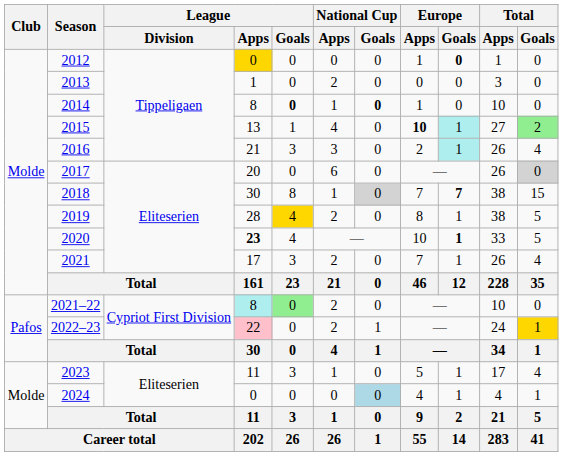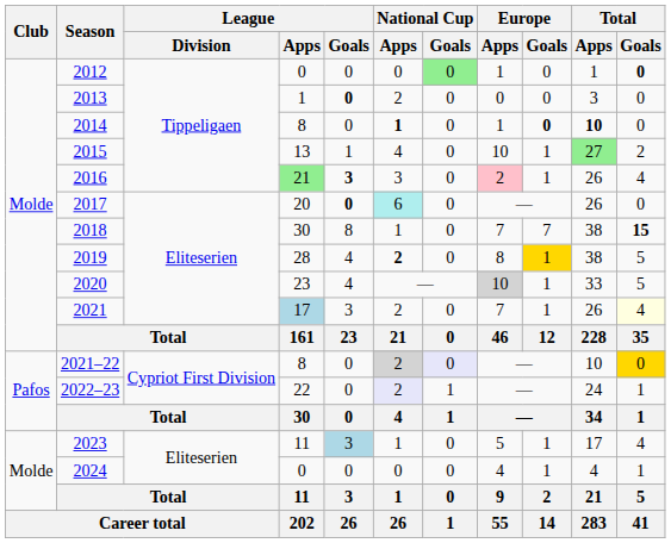 <table class="wikitable" style="text-align: center;">
 <tr>
 <th rowspan="2">Club</th>
 <th rowspan="2">Season</th>
 <th colspan="3">League</th>
 <th colspan="2">National Cup</th>
 <th colspan="2">Europe</th>
 <th colspan="2">Total</th>
 </tr>
 <tr>
 <th>Division</th>
 <th>Apps</th>
 <th>Goals</th>
 <th>Apps</th>
 <th>Goals</th>
 <th>Apps</th>
 <th>Goals</th>
 <th>Apps</th>
 <th>Goals</th>
 </tr>
 <tr>
 <td rowspan="11"><a href='#'>Molde</a></td>
 <td><a href='#'>2012</a></td>
 <td rowspan="5"><a href='#'>Tippeligaen</a></td>
-<td style="background: gold;">0</td>
 <td>0</td>
 <td>0</td>
 <td>0</td>
+<td style="background: lightgreen;">0</td>
+<td>1</td>
+<td>0</td>
 <td>1</td>
 <td><strong>0</strong></td>
-<td>1</td>
-<td>0</td>
 </tr>
 <tr>
 <td><a href='#'>2013</a></td>
 <td>1</td>
-<td>0</td>
+<td><strong>0</strong></td>
 <td>2</td>
 <td>0</td>
 <td>0</td>
 <td>0</td>
 <td>3</td>
 <td>0</td>
 </tr>
 <tr>
 <td><a href='#'>2014</a></td>
 <td>8</td>
-<td><strong>0</strong></td>
+<td>0</td>
+<td><strong>1</strong></td>
+<td>0</td>
 <td>1</td>
 <td><strong>0</strong></td>
-<td>1</td>
-<td>0</td>
-<td>10</td>
+<td><strong>10</strong></td>
 <td>0</td>
 </tr>
 <tr>
 <td><a href='#'>2015</a></td>
 <td>13</td>
 <td>1</td>
 <td>4</td>
 <td>0</td>
-<td><strong>10</strong></td>
-<td style="background: paleturquoise;">1</td>
-<td>27</td>
-<td style="background: lightgreen;">2</td>
+<td>10</td>
+<td>1</td>
+<td style="background: lightgreen;">27</td>
+<td>2</td>
 </tr>
 <tr>
 <td><a href='#'>2016</a></td>
-<td>21</td>
-<td>3</td>
+<td style="background: lightgreen;">21</td>
+<td><strong>3</strong></td>
 <td>3</td>
 <td>0</td>
-<td>2</td>
-<td style="background: paleturquoise;">1</td>
+<td style="background: pink;">2</td>
+<td>1</td>
 <td>26</td>
 <td>4</td>
 </tr>
 <tr>
 <td><a href='#'>2017</a></td>
 <td rowspan="5"><a href='#'>Eliteserien</a></td>
 <td>20</td>
-<td>0</td>
-<td>6</td>
+<td><strong>0</strong></td>
+<td style="background: paleturquoise;">6</td>
 <td>0</td>
 <td colspan="2">—</td>
 <td>26</td>
-<td style="background: lightgrey;">0</td>
+<td>0</td>
 </tr>
 <tr>
 <td><a href='#'>2018</a></td>
 <td>30</td>
 <td>8</td>
 <td>1</td>
-<td style="background: lightgrey;">0</td>
+<td>0</td>
 <td>7</td>
-<td><strong>7</strong></td>
+<td>7</td>
 <td>38</td>
-<td>15</td>
+<td><strong>15</strong></td>
 </tr>
 <tr>
 <td><a href='#'>2019</a></td>
 <td>28</td>
-<td style="background: gold;">4</td>
-<td>2</td>
+<td>4</td>
+<td><strong>2</strong></td>
 <td>0</td>
 <td>8</td>
-<td>1</td>
+<td style="background: gold;">1</td>
 <td>38</td>
 <td>5</td>
 </tr>
 <tr>
 <td><a href='#'>2020</a></td>
-<td><strong>23</strong></td>
+<td>23</td>
 <td>4</td>
 <td colspan="2">—</td>
-<td>10</td>
-<td><strong>1</strong></td>
+<td style="background: lightgrey;">10</td>
+<td>1</td>
 <td>33</td>
 <td>5</td>
 </tr>
 <tr>
 <td><a href='#'>2021</a></td>
-<td>17</td>
+<td style="background: lightblue;">17</td>
 <td>3</td>
 <td>2</td>
 <td>0</td>
 <td>7</td>
 <td>1</td>
 <td>26</td>
-<td>4</td>
+<td style="background: lightyellow;">4</td>
 </tr>
 <tr>
 <th colspan="2">Total</th>
 <th>161</th>
 <th>23</th>
 <th>21</th>
 <th>0</th>
 <th>46</th>
 <th>12</th>
 <th>228</th>
 <th>35</th>
 </tr>
 <tr>
 <td rowspan="3"><a href='#'>Pafos</a></td>
 <td><a href='#'>2021–22</a></td>
 <td rowspan="2"><a href='#'>Cypriot First Division</a></td>
-<td style="background: paleturquoise;">8</td>
-<td style="background: lightgreen;">0</td>
-<td>2</td>
+<td>8</td>
 <td>0</td>
+<td style="background: lightgrey;">2</td>
+<td style="background: lavender;">0</td>
 <td colspan="2">—</td>
 <td>10</td>
-<td>0</td>
+<td style="background: gold;">0</td>
 </tr>
 <tr>
 <td><a href='#'>2022–23</a></td>
-<td style="background: pink;">22</td>
+<td>22</td>
 <td>0</td>
-<td>2</td>
+<td style="background: lavender;">2</td>
 <td>1</td>
 <td colspan="2">—</td>
 <td>24</td>
-<td style="background: gold;">1</td>
+<td>1</td>
 </tr>
 <tr>
 <th colspan="2">Total</th>
 <th>30</th>
 <th>0</th>
 <th>4</th>
 <th>1</th>
 <th colspan="2">—</th>
 <th>34</th>
 <th>1</th>
 </tr>
 <tr>
 <td rowspan="3">Molde</td>
 <td><a href='#'>2023</a></td>
 <td rowspan="2">Eliteserien</td>
 <td>11</td>
-<td>3</td>
+<td style="background: lightblue;">3</td>
 <td>1</td>
 <td>0</td>
 <td>5</td>
 <td>1</td>
 <td>17</td>
 <td>4</td>
 </tr>
 <tr>
 <td><a href='#'>2024</a></td>
 <td>0</td>
 <td>0</td>
 <td>0</td>
-<td style="background: lightblue;">0</td>
+<td>0</td>
 <td>4</td>
 <td>1</td>
 <td>4</td>
 <td>1</td>
 </tr>
 <tr>
 <th colspan="2">Total</th>
 <th>11</th>
 <th>3</th>
 <th>1</th>
 <th>0</th>
 <th>9</th>
 <th>2</th>
 <th>21</th>
 <th>5</th>
 </tr>
 <tr>
 <th colspan="3">Career total</th>
 <th>202</th>
 <th>26</th>
 <th>26</th>
 <th>1</th>
 <th>55</th>
 <th>14</th>
 <th>283</th>
 <th>41</th>
 </tr>
 </table>
